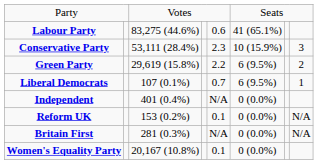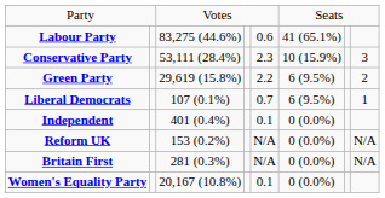 <table class=wikitable style="text-align:center;">
 <tr>
 <td colspan=2>Party</td>
 <td colspan=3>Votes</td>
 <td colspan=3>Seats</td>
 </tr>
 <tr>
 <td><strong><a href='#'>Labour Party</a></strong></td>
 <td style="background:"></td>
 <td>83,275 (44.6%)</td>
 <td></td>
 <td> 0.6</td>
 <td>41 (65.1%)</td>
 <td></td>
 <td></td>
 </tr>
 <tr>
 <td><strong><a href='#'>Conservative Party</a></strong></td>
 <td style="background:"></td>
 <td>53,111 (28.4%)</td>
 <td></td>
 <td> 2.3</td>
 <td>10 (15.9%)</td>
 <td></td>
 <td> 3</td>
 </tr>
 <tr>
 <td><strong><a href='#'>Green Party</a></strong></td>
 <td style="background:"></td>
 <td>29,619 (15.8%)</td>
 <td></td>
 <td> 2.2</td>
 <td>6 (9.5%)</td>
 <td></td>
 <td> 2</td>
 </tr>
 <tr>
 <td><strong><a href='#'>Liberal Democrats</a></strong></td>
 <td style="background:"></td>
 <td>107 (0.1%)</td>
 <td></td>
 <td> 0.7</td>
 <td>6 (9.5%)</td>
 <td></td>
 <td> 1</td>
 </tr>
 <tr>
 <td><strong><a href='#'>Independent</a></strong></td>
 <td style="background:"></td>
 <td>401 (0.4%)</td>
 <td></td>
-<td>N/A</td>
+<td> 0.1</td>
 <td>0 (0.0%)</td>
 <td></td>
 <td></td>
 </tr>
 <tr>
 <td><strong><a href='#'>Reform UK</a></strong></td>
 <td style="background:"></td>
 <td>153 (0.2%)</td>
 <td></td>
-<td> 0.1</td>
+<td>N/A</td>
 <td>0 (0.0%)</td>
 <td></td>
 <td>N/A</td>
 </tr>
 <tr>
 <td><strong><a href='#'>Britain First</a></strong></td>
 <td style="background:"></td>
 <td>281 (0.3%)</td>
 <td></td>
 <td>N/A</td>
 <td>0 (0.0%)</td>
 <td></td>
 <td>N/A</td>
 </tr>
 <tr>
 <td><strong><a href='#'>Women's Equality Party</a></strong></td>
 <td style="background:"></td>
 <td>20,167 (10.8%)</td>
 <td></td>
 <td> 0.1</td>
 <td>0 (0.0%)</td>
 <td></td>
 <td></td>
 </tr>
 </table>
